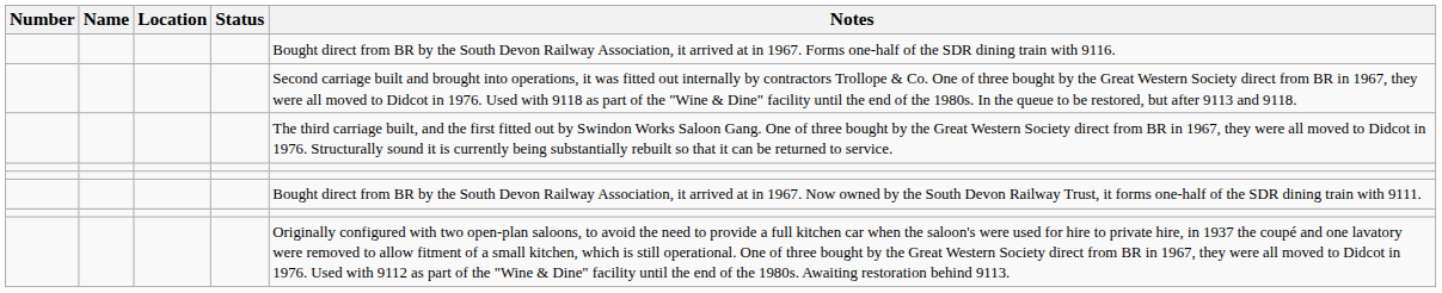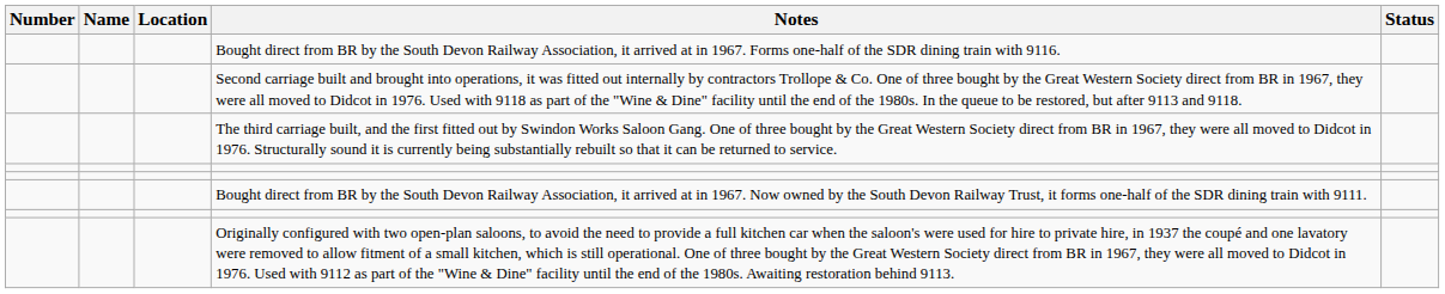 <table class="wikitable">
 <tr>
 <th>Number</th>
 <th>Name</th>
 <th>Location</th>
+<th>Notes</th>
 <th>Status</th>
-<th>Notes</th>
 </tr>
 <tr>
 <td></td>
 <td></td>
 <td></td>
+<td><small>Bought direct from BR by the South Devon Railway Association, it arrived at  in 1967. Forms one-half of the SDR dining train with 9116.</small></td>
 <td></td>
-<td><small>Bought direct from BR by the South Devon Railway Association, it arrived at  in 1967. Forms one-half of the SDR dining train with 9116.</small></td>
 </tr>
 <tr>
 <td></td>
 <td></td>
 <td></td>
+<td><small>Second carriage built and brought into operations, it was fitted out internally by contractors Trollope & Co. One of three bought by the Great Western Society direct from BR in 1967, they were all moved to Didcot in 1976. Used with 9118 as part of the "Wine & Dine" facility until the end of the 1980s. In the queue to be restored, but after 9113 and 9118.</small></td>
 <td></td>
-<td><small>Second carriage built and brought into operations, it was fitted out internally by contractors Trollope & Co. One of three bought by the Great Western Society direct from BR in 1967, they were all moved to Didcot in 1976. Used with 9118 as part of the "Wine & Dine" facility until the end of the 1980s. In the queue to be restored, but after 9113 and 9118.</small></td>
 </tr>
 <tr>
 <td></td>
 <td></td>
 <td></td>
+<td><small>The third carriage built, and the first fitted out by Swindon Works Saloon Gang. One of three bought by the Great Western Society direct from BR in 1967, they were all moved to Didcot in 1976. Structurally sound it is currently being substantially rebuilt so that it can be returned to service.</small></td>
 <td></td>
-<td><small>The third carriage built, and the first fitted out by Swindon Works Saloon Gang. One of three bought by the Great Western Society direct from BR in 1967, they were all moved to Didcot in 1976. Structurally sound it is currently being substantially rebuilt so that it can be returned to service.</small></td>
 </tr>
 <tr>
 <td></td>
 <td></td>
 <td></td>
+<td><small></small></td>
 <td></td>
-<td><small></small></td>
 </tr>
 <tr>
 <td></td>
 <td></td>
 <td></td>
+<td><small></small></td>
 <td></td>
-<td><small></small></td>
 </tr>
 <tr>
 <td></td>
 <td></td>
 <td></td>
+<td><small>Bought direct from BR by the South Devon Railway Association, it arrived at  in 1967. Now owned by the South Devon Railway Trust, it forms one-half of the SDR dining train with 9111.</small></td>
 <td></td>
-<td><small>Bought direct from BR by the South Devon Railway Association, it arrived at  in 1967. Now owned by the South Devon Railway Trust, it forms one-half of the SDR dining train with 9111.</small></td>
 </tr>
 <tr>
 <td></td>
 <td></td>
 <td></td>
+<td><small></small></td>
 <td></td>
-<td><small></small></td>
 </tr>
 <tr>
 <td></td>
 <td></td>
 <td></td>
+<td><small>Originally configured with two open-plan saloons, to avoid the need to provide a full kitchen car when the saloon's were used for hire to private hire, in 1937 the coupé and one lavatory were removed to allow fitment of a small kitchen, which is still operational. One of three bought by the Great Western Society direct from BR in 1967, they were all moved to Didcot in 1976. Used with 9112 as part of the "Wine & Dine" facility until the end of the 1980s. Awaiting restoration behind 9113.</small></td>
 <td></td>
-<td><small>Originally configured with two open-plan saloons, to avoid the need to provide a full kitchen car when the saloon's were used for hire to private hire, in 1937 the coupé and one lavatory were removed to allow fitment of a small kitchen, which is still operational. One of three bought by the Great Western Society direct from BR in 1967, they were all moved to Didcot in 1976. Used with 9112 as part of the "Wine & Dine" facility until the end of the 1980s. Awaiting restoration behind 9113.</small></td>
 </tr>
 </table>
